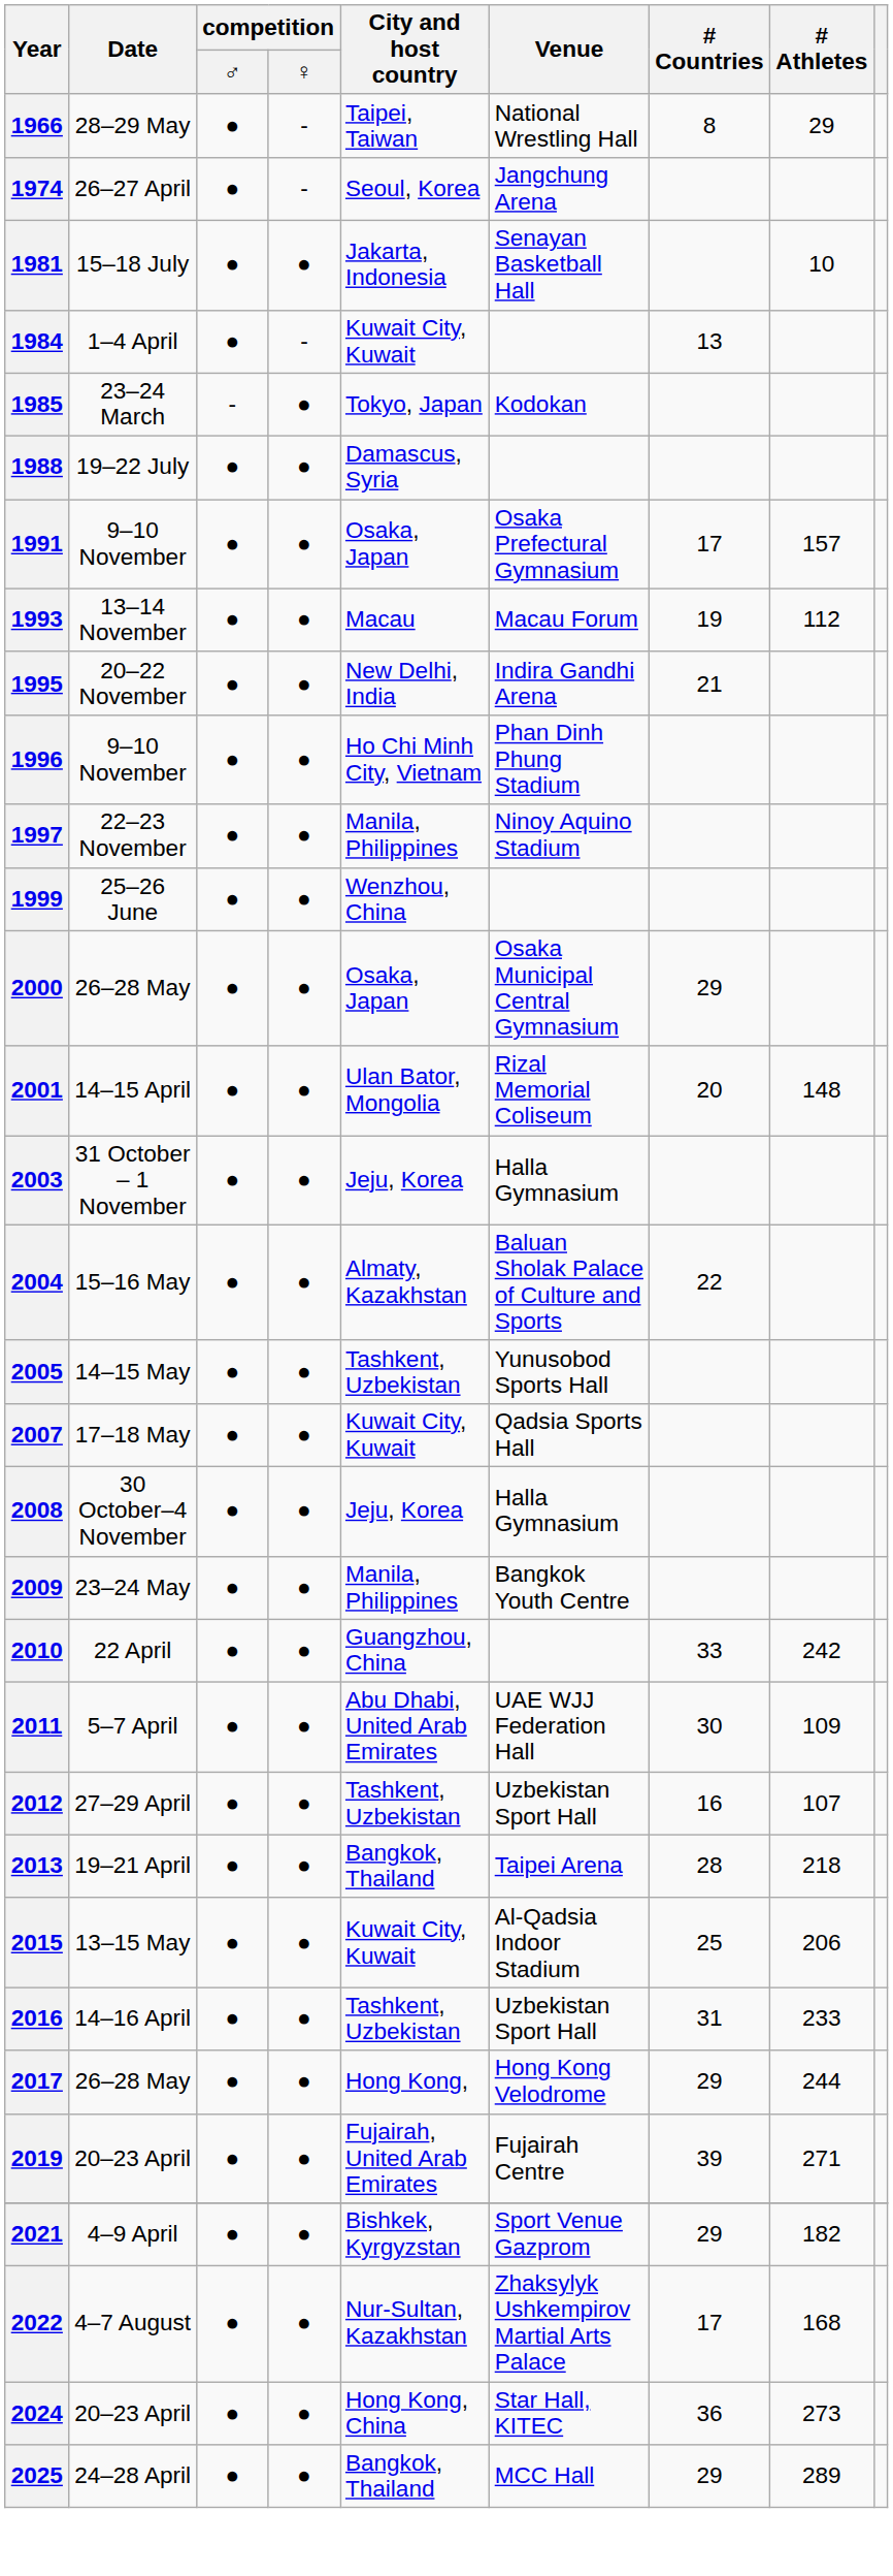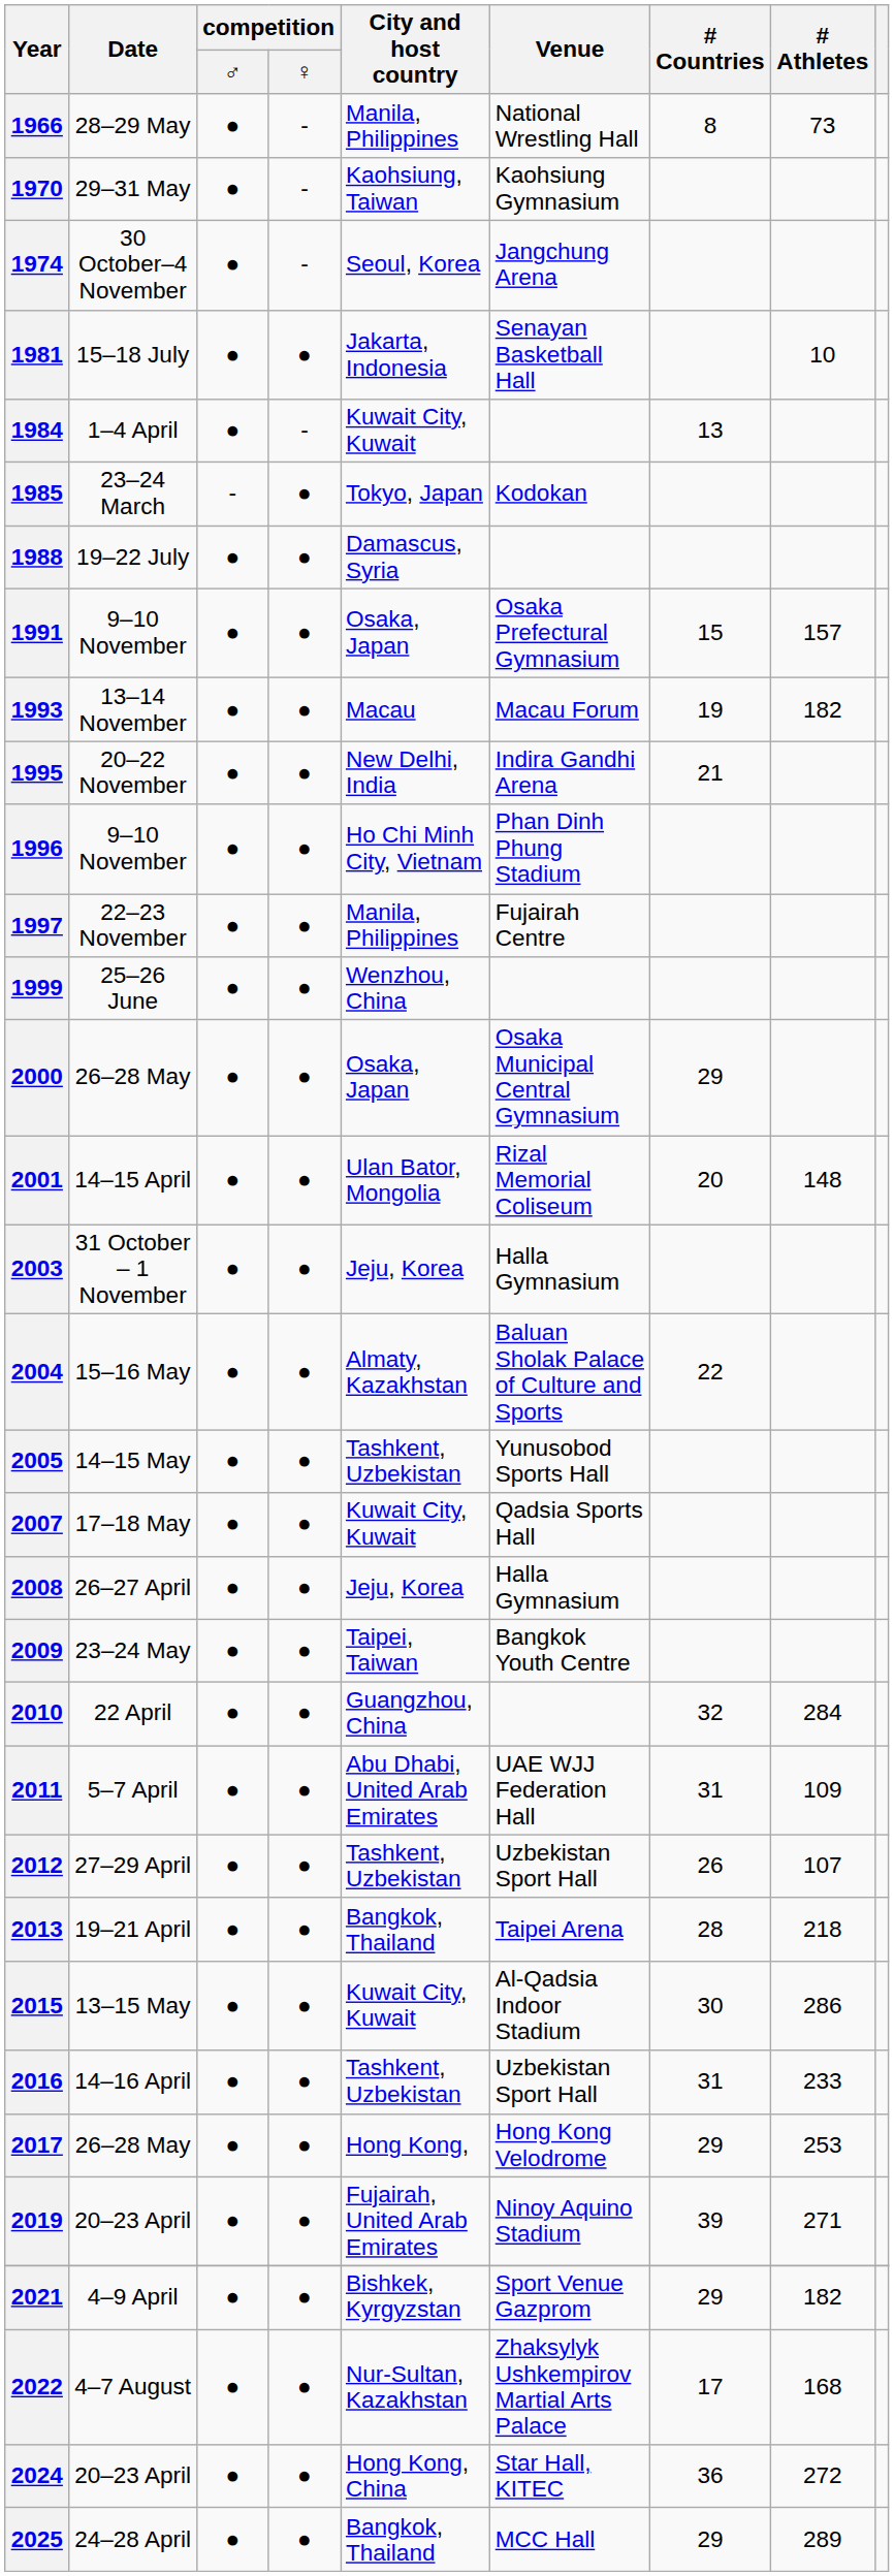 <table class="wikitable" style="text-align:center">
 <tr>
 <th rowspan=2 style="width: 60px">Year</th>
 <th rowspan=2 style="width: 210px">Date</th>
 <th colspan=2 style="width: 100px">competition</th>
 <th rowspan=2 style="width: 260px">City and host country</th>
 <th rowspan=2 style="width: 290px">Venue</th>
 <th rowspan=2 style="width: 90px"># Countries</th>
 <th rowspan=2 style="width: 90px"># Athletes</th>
 <th rowspan=2 style="width: 40px"></th>
 </tr>
 <tr>
 <th style="width: 50px">♂</th>
 <th style="width: 50px">♀</th>
 </tr>
 <tr>
 <th><a href='#'>1966</a></th>
 <td>28–29 May</td>
 <td>●</td>
 <td>-</td>
-<td align=left> <a href='#'>Taipei</a>, <a href='#'>Taiwan</a></td>
+<td align=left> <a href='#'>Manila</a>, <a href='#'>Philippines</a></td>
 <td align=left>National Wrestling Hall</td>
 <td>8</td>
-<td>29</td>
+<td>73</td>
+<td></td>
+</tr>
+<tr>
+<th><a href='#'>1970</a></th>
+<td>29–31 May</td>
+<td>●</td>
+<td>-</td>
+<td align=left> <a href='#'>Kaohsiung</a>, <a href='#'>Taiwan</a></td>
+<td align=left>Kaohsiung Gymnasium</td>
+<td></td>
+<td></td>
 <td></td>
 </tr>
 <tr>
 <th><a href='#'>1974</a></th>
-<td>26–27 April</td>
+<td>30 October–4 November</td>
 <td>●</td>
 <td>-</td>
 <td align=left> <a href='#'>Seoul</a>, <a href='#'>Korea</a></td>
 <td align=left><a href='#'>Jangchung Arena</a></td>
 <td></td>
 <td></td>
 <td></td>
 </tr>
 <tr>
 <th><a href='#'>1981</a></th>
 <td>15–18 July</td>
 <td>●</td>
 <td>●</td>
 <td align=left> <a href='#'>Jakarta</a>, <a href='#'>Indonesia</a></td>
 <td align=left><a href='#'>Senayan Basketball Hall</a></td>
 <td></td>
 <td>10</td>
 <td></td>
 </tr>
 <tr>
 <th><a href='#'>1984</a></th>
 <td>1–4 April</td>
 <td>●</td>
 <td>-</td>
 <td align=left> <a href='#'>Kuwait City</a>, <a href='#'>Kuwait</a></td>
 <td></td>
 <td>13</td>
 <td></td>
 <td></td>
 </tr>
 <tr>
 <th><a href='#'>1985</a></th>
 <td>23–24 March</td>
 <td>-</td>
 <td>●</td>
 <td align=left> <a href='#'>Tokyo</a>, <a href='#'>Japan</a></td>
 <td align=left><a href='#'>Kodokan</a></td>
 <td></td>
 <td></td>
 <td></td>
 </tr>
 <tr>
 <th><a href='#'>1988</a></th>
 <td>19–22 July</td>
 <td>●</td>
 <td>●</td>
 <td align=left> <a href='#'>Damascus</a>, <a href='#'>Syria</a></td>
 <td></td>
 <td></td>
 <td></td>
 <td></td>
 </tr>
 <tr>
 <th><a href='#'>1991</a></th>
 <td>9–10 November</td>
 <td>●</td>
 <td>●</td>
 <td align=left> <a href='#'>Osaka</a>, <a href='#'>Japan</a></td>
 <td align=left><a href='#'>Osaka Prefectural Gymnasium</a></td>
-<td>17</td>
+<td>15</td>
 <td>157</td>
 <td></td>
 </tr>
 <tr>
 <th><a href='#'>1993</a></th>
 <td>13–14 November</td>
 <td>●</td>
 <td>●</td>
 <td align=left> <a href='#'>Macau</a></td>
 <td align=left><a href='#'>Macau Forum</a></td>
 <td>19</td>
-<td>112</td>
+<td>182</td>
 <td></td>
 </tr>
 <tr>
 <th><a href='#'>1995</a></th>
 <td>20–22 November</td>
 <td>●</td>
 <td>●</td>
 <td align=left> <a href='#'>New Delhi</a>, <a href='#'>India</a></td>
 <td align=left><a href='#'>Indira Gandhi Arena</a></td>
 <td>21</td>
 <td></td>
 <td></td>
 </tr>
 <tr>
 <th><a href='#'>1996</a></th>
 <td>9–10 November</td>
 <td>●</td>
 <td>●</td>
 <td align=left> <a href='#'>Ho Chi Minh City</a>, <a href='#'>Vietnam</a></td>
 <td align=left><a href='#'>Phan Dinh Phung Stadium</a></td>
 <td></td>
 <td></td>
 <td></td>
 </tr>
 <tr>
 <th><a href='#'>1997</a></th>
 <td>22–23 November</td>
 <td>●</td>
 <td>●</td>
 <td align=left> <a href='#'>Manila</a>, <a href='#'>Philippines</a></td>
-<td align=left><a href='#'>Ninoy Aquino Stadium</a></td>
+<td align=left>Fujairah Centre</td>
 <td></td>
 <td></td>
 <td></td>
 </tr>
 <tr>
 <th><a href='#'>1999</a></th>
 <td>25–26 June</td>
 <td>●</td>
 <td>●</td>
 <td align=left> <a href='#'>Wenzhou</a>, <a href='#'>China</a></td>
 <td></td>
 <td></td>
 <td></td>
 <td></td>
 </tr>
 <tr>
 <th><a href='#'>2000</a></th>
 <td>26–28 May</td>
 <td>●</td>
 <td>●</td>
 <td align=left> <a href='#'>Osaka</a>, <a href='#'>Japan</a></td>
 <td align=left><a href='#'>Osaka Municipal Central Gymnasium</a></td>
 <td>29</td>
 <td></td>
 <td></td>
 </tr>
 <tr>
 <th><a href='#'>2001</a></th>
 <td>14–15 April</td>
 <td>●</td>
 <td>●</td>
 <td align=left> <a href='#'>Ulan Bator</a>, <a href='#'>Mongolia</a></td>
 <td align=left><a href='#'>Rizal Memorial Coliseum</a></td>
 <td>20</td>
 <td>148</td>
 <td></td>
 </tr>
 <tr>
 <th><a href='#'>2003</a></th>
 <td>31 October – 1 November</td>
 <td>●</td>
 <td>●</td>
 <td align=left> <a href='#'>Jeju</a>, <a href='#'>Korea</a></td>
 <td align=left>Halla Gymnasium</td>
 <td></td>
 <td></td>
 <td></td>
 </tr>
 <tr>
 <th><a href='#'>2004</a></th>
 <td>15–16 May</td>
 <td>●</td>
 <td>●</td>
 <td align=left> <a href='#'>Almaty</a>, <a href='#'>Kazakhstan</a></td>
 <td align=left><a href='#'>Baluan Sholak Palace of Culture and Sports</a></td>
 <td>22</td>
 <td></td>
 <td></td>
 </tr>
 <tr>
 <th><a href='#'>2005</a></th>
 <td>14–15 May</td>
 <td>●</td>
 <td>●</td>
 <td align=left> <a href='#'>Tashkent</a>, <a href='#'>Uzbekistan</a></td>
 <td align=left>Yunusobod Sports Hall</td>
 <td></td>
 <td></td>
 <td></td>
 </tr>
 <tr>
 <th><a href='#'>2007</a></th>
 <td>17–18 May</td>
 <td>●</td>
 <td>●</td>
 <td align=left> <a href='#'>Kuwait City</a>, <a href='#'>Kuwait</a></td>
 <td align=left>Qadsia Sports Hall</td>
 <td></td>
 <td></td>
 <td></td>
 </tr>
 <tr>
 <th><a href='#'>2008</a></th>
-<td>30 October–4 November</td>
+<td>26–27 April</td>
 <td>●</td>
 <td>●</td>
 <td align=left> <a href='#'>Jeju</a>, <a href='#'>Korea</a></td>
 <td align=left>Halla Gymnasium</td>
 <td></td>
 <td></td>
 <td></td>
 </tr>
 <tr>
 <th><a href='#'>2009</a></th>
 <td>23–24 May</td>
 <td>●</td>
 <td>●</td>
-<td align=left> <a href='#'>Manila</a>, <a href='#'>Philippines</a></td>
+<td align=left> <a href='#'>Taipei</a>, <a href='#'>Taiwan</a></td>
 <td align=left>Bangkok Youth Centre</td>
 <td></td>
 <td></td>
 <td></td>
 </tr>
 <tr>
 <th><a href='#'>2010</a></th>
 <td>22 April</td>
 <td>●</td>
 <td>●</td>
 <td align=left> <a href='#'>Guangzhou</a>, <a href='#'>China</a></td>
 <td></td>
-<td>33</td>
-<td>242</td>
+<td>32</td>
+<td>284</td>
 <td></td>
 </tr>
 <tr>
 <th><a href='#'>2011</a></th>
 <td>5–7 April</td>
 <td>●</td>
 <td>●</td>
 <td align=left> <a href='#'>Abu Dhabi</a>, <a href='#'>United Arab Emirates</a></td>
 <td align=left>UAE WJJ Federation Hall</td>
-<td>30</td>
+<td>31</td>
 <td>109</td>
 <td></td>
 </tr>
 <tr>
 <th><a href='#'>2012</a></th>
 <td>27–29 April</td>
 <td>●</td>
 <td>●</td>
 <td align=left> <a href='#'>Tashkent</a>, <a href='#'>Uzbekistan</a></td>
 <td align=left>Uzbekistan Sport Hall</td>
-<td>16</td>
+<td>26</td>
 <td>107</td>
 <td></td>
 </tr>
 <tr>
 <th><a href='#'>2013</a></th>
 <td>19–21 April</td>
 <td>●</td>
 <td>●</td>
 <td align=left> <a href='#'>Bangkok</a>, <a href='#'>Thailand</a></td>
 <td align=left><a href='#'>Taipei Arena</a></td>
 <td>28</td>
 <td>218</td>
 <td></td>
 </tr>
 <tr>
 <th><a href='#'>2015</a></th>
 <td>13–15 May</td>
 <td>●</td>
 <td>●</td>
 <td align=left> <a href='#'>Kuwait City</a>, <a href='#'>Kuwait</a></td>
 <td align=left>Al-Qadsia Indoor Stadium</td>
-<td>25</td>
-<td>206</td>
+<td>30</td>
+<td>286</td>
 <td></td>
 </tr>
 <tr>
 <th><a href='#'>2016</a></th>
 <td>14–16 April</td>
 <td>●</td>
 <td>●</td>
 <td align=left> <a href='#'>Tashkent</a>, <a href='#'>Uzbekistan</a></td>
 <td align=left>Uzbekistan Sport Hall</td>
 <td>31</td>
 <td>233</td>
 <td></td>
 </tr>
 <tr>
 <th><a href='#'>2017</a></th>
 <td>26–28 May</td>
 <td>●</td>
 <td>●</td>
 <td align=left> <a href='#'>Hong Kong</a>,</td>
 <td align=left><a href='#'>Hong Kong Velodrome</a></td>
 <td>29</td>
-<td>244</td>
+<td>253</td>
 <td></td>
 </tr>
 <tr>
 <th><a href='#'>2019</a></th>
 <td>20–23 April</td>
 <td>●</td>
 <td>●</td>
 <td align=left> <a href='#'>Fujairah</a>, <a href='#'>United Arab Emirates</a></td>
-<td align=left>Fujairah Centre</td>
+<td align=left><a href='#'>Ninoy Aquino Stadium</a></td>
 <td>39</td>
 <td>271</td>
 <td></td>
 </tr>
 <tr style="text-decoration: line-through;">
 </tr>
 <tr>
 <th><a href='#'>2021</a></th>
 <td>4–9 April</td>
 <td>●</td>
 <td>●</td>
 <td align=left> <a href='#'>Bishkek</a>, <a href='#'>Kyrgyzstan</a></td>
 <td align=left><a href='#'>Sport Venue Gazprom</a></td>
 <td>29</td>
 <td>182</td>
 <td></td>
 </tr>
 <tr>
 <th><a href='#'>2022</a></th>
 <td>4–7 August</td>
 <td>●</td>
 <td>●</td>
 <td align=left> <a href='#'>Nur-Sultan</a>, <a href='#'>Kazakhstan</a></td>
 <td align=left><a href='#'>Zhaksylyk Ushkempirov Martial Arts Palace</a></td>
 <td>17</td>
 <td>168</td>
 <td></td>
 </tr>
 <tr>
 <th><a href='#'>2024</a></th>
 <td>20–23 April</td>
 <td>●</td>
 <td>●</td>
 <td align=left> <a href='#'>Hong Kong</a>, <a href='#'>China</a></td>
 <td align=left><a href='#'>Star Hall, KITEC</a></td>
 <td>36</td>
-<td>273</td>
+<td>272</td>
 <td></td>
 </tr>
 <tr>
 <th><a href='#'>2025</a></th>
 <td>24–28 April</td>
 <td>●</td>
 <td>●</td>
 <td align=left> <a href='#'>Bangkok</a>, <a href='#'>Thailand</a></td>
 <td align=left><a href='#'>MCC Hall</a></td>
 <td>29</td>
 <td>289</td>
 <td></td>
 </tr>
 </table>
